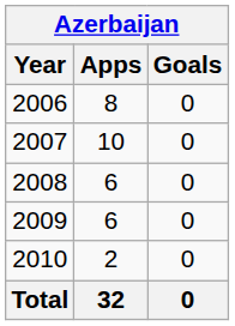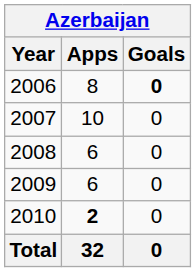 <table class="wikitable" style="text-align:center">
 <tr>
 <th colspan=3><a href='#'>Azerbaijan</a></th>
 </tr>
 <tr>
 <th>Year</th>
 <th>Apps</th>
 <th>Goals</th>
 </tr>
 <tr>
 <td>2006</td>
 <td>8</td>
-<td>0</td>
+<td><strong>0</strong></td>
 </tr>
 <tr>
 <td>2007</td>
 <td>10</td>
 <td>0</td>
 </tr>
 <tr>
 <td>2008</td>
 <td>6</td>
 <td>0</td>
 </tr>
 <tr>
 <td>2009</td>
 <td>6</td>
 <td>0</td>
 </tr>
 <tr>
 <td>2010</td>
-<td>2</td>
+<td><strong>2</strong></td>
 <td>0</td>
 </tr>
 <tr>
 <th>Total</th>
 <th>32</th>
 <th>0</th>
 </tr>
 </table>
